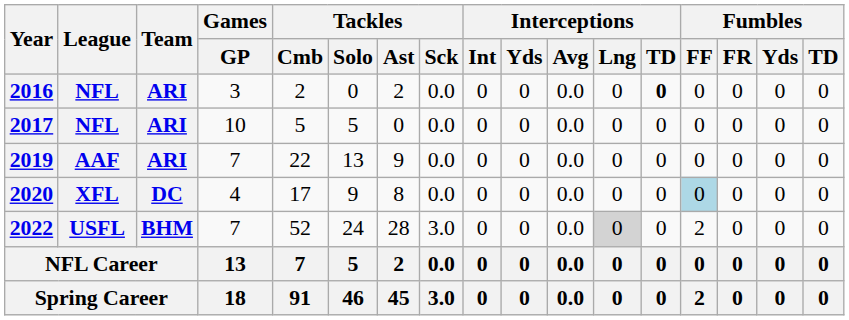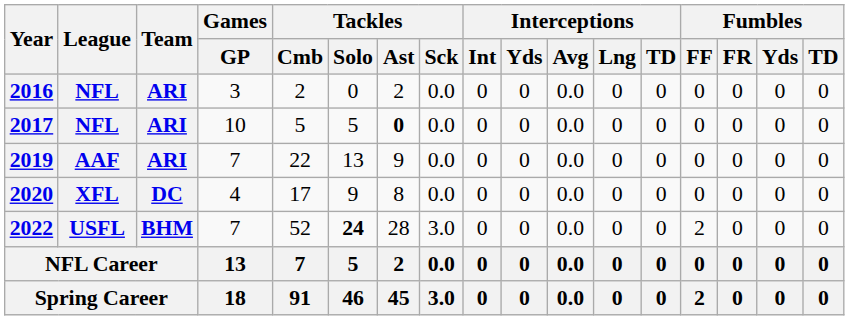 <table class="wikitable sortable" style="text-align:center;">
 <tr>
 <th rowspan="2">Year</th>
 <th rowspan="2">League</th>
 <th rowspan="2">Team</th>
 <th colspan="1">Games</th>
 <th colspan="4">Tackles</th>
 <th colspan="5">Interceptions</th>
 <th colspan="4">Fumbles</th>
 </tr>
 <tr>
 <th>GP</th>
 <th>Cmb</th>
 <th>Solo</th>
 <th>Ast</th>
 <th>Sck</th>
 <th>Int</th>
 <th>Yds</th>
 <th>Avg</th>
 <th>Lng</th>
 <th>TD</th>
 <th>FF</th>
 <th>FR</th>
 <th>Yds</th>
 <th>TD</th>
 </tr>
 <tr>
 <th><a href='#'>2016</a></th>
 <th><a href='#'>NFL</a></th>
 <th><a href='#'>ARI</a></th>
 <td>3</td>
 <td>2</td>
 <td>0</td>
 <td>2</td>
 <td>0.0</td>
 <td>0</td>
 <td>0</td>
 <td>0.0</td>
 <td>0</td>
-<td><strong>0</strong></td>
+<td>0</td>
 <td>0</td>
 <td>0</td>
 <td>0</td>
 <td>0</td>
 </tr>
 <tr>
 <th><a href='#'>2017</a></th>
 <th><a href='#'>NFL</a></th>
 <th><a href='#'>ARI</a></th>
 <td>10</td>
 <td>5</td>
 <td>5</td>
-<td>0</td>
+<td><strong>0</strong></td>
 <td>0.0</td>
 <td>0</td>
 <td>0</td>
 <td>0.0</td>
 <td>0</td>
 <td>0</td>
 <td>0</td>
 <td>0</td>
 <td>0</td>
 <td>0</td>
 </tr>
 <tr>
 <th><a href='#'>2019</a></th>
 <th><a href='#'>AAF</a></th>
 <th><a href='#'>ARI</a></th>
 <td>7</td>
 <td>22</td>
 <td>13</td>
 <td>9</td>
 <td>0.0</td>
 <td>0</td>
 <td>0</td>
 <td>0.0</td>
 <td>0</td>
 <td>0</td>
 <td>0</td>
 <td>0</td>
 <td>0</td>
 <td>0</td>
 </tr>
 <tr>
 <th><a href='#'>2020</a></th>
 <th><a href='#'>XFL</a></th>
 <th><a href='#'>DC</a></th>
 <td>4</td>
 <td>17</td>
 <td>9</td>
 <td>8</td>
 <td>0.0</td>
 <td>0</td>
 <td>0</td>
 <td>0.0</td>
 <td>0</td>
 <td>0</td>
-<td style="background: lightblue;">0</td>
+<td>0</td>
 <td>0</td>
 <td>0</td>
 <td>0</td>
 </tr>
 <tr>
 <th><a href='#'>2022</a></th>
 <th><a href='#'>USFL</a></th>
 <th><a href='#'>BHM</a></th>
 <td>7</td>
 <td>52</td>
-<td>24</td>
+<td><strong>24</strong></td>
 <td>28</td>
 <td>3.0</td>
 <td>0</td>
 <td>0</td>
 <td>0.0</td>
-<td style="background: lightgrey;">0</td>
+<td>0</td>
 <td>0</td>
 <td>2</td>
 <td>0</td>
 <td>0</td>
 <td>0</td>
 </tr>
 <tr>
 <th colspan="3">NFL Career</th>
 <th>13</th>
 <th>7</th>
 <th>5</th>
 <th>2</th>
 <th>0.0</th>
 <th>0</th>
 <th>0</th>
 <th>0.0</th>
 <th>0</th>
 <th>0</th>
 <th>0</th>
 <th>0</th>
 <th>0</th>
 <th>0</th>
 </tr>
 <tr>
 <th colspan="3">Spring Career</th>
 <th>18</th>
 <th>91</th>
 <th>46</th>
 <th>45</th>
 <th>3.0</th>
 <th>0</th>
 <th>0</th>
 <th>0.0</th>
 <th>0</th>
 <th>0</th>
 <th>2</th>
 <th>0</th>
 <th>0</th>
 <th>0</th>
 </tr>
 </table>
